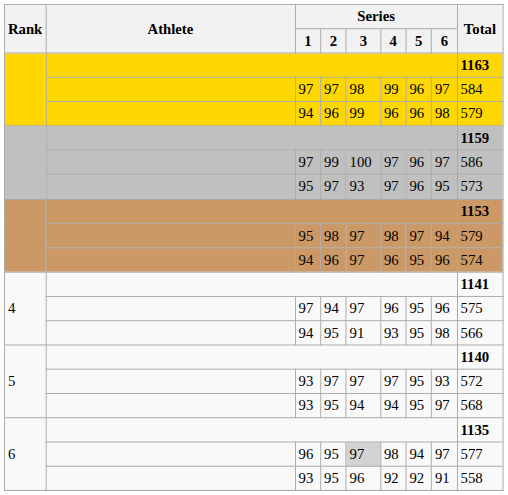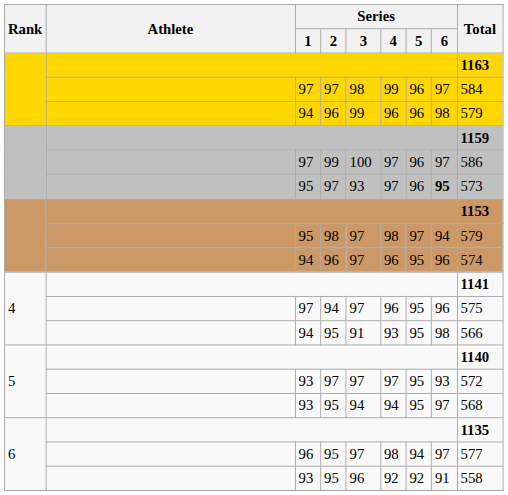 <table class="wikitable" style="font-size:95%" style="width:35em;" style="text-align:center">
 <tr>
 <th rowspan=2>Rank</th>
 <th rowspan=2 width=250>Athlete</th>
 <th colspan=6 width=160>Series</th>
 <th rowspan=2 width=40>Total</th>
 </tr>
 <tr>
 <th>1</th>
 <th>2</th>
 <th>3</th>
 <th>4</th>
 <th>5</th>
 <th>6</th>
 </tr>
 <tr bgcolor=gold>
 <td rowspan=3></td>
 <td colspan=7 align=left></td>
 <td><strong>1163</strong></td>
 </tr>
 <tr bgcolor=gold>
 <td align=left></td>
 <td>97</td>
 <td>97</td>
 <td>98</td>
 <td>99</td>
 <td>96</td>
 <td>97</td>
 <td>584</td>
 </tr>
 <tr bgcolor=gold>
 <td align=left></td>
 <td>94</td>
 <td>96</td>
 <td>99</td>
 <td>96</td>
 <td>96</td>
 <td>98</td>
 <td>579</td>
 </tr>
 <tr bgcolor=silver>
 <td rowspan=3></td>
 <td colspan=7 align=left></td>
 <td><strong>1159</strong></td>
 </tr>
 <tr bgcolor=silver>
 <td align=left></td>
 <td>97</td>
 <td>99</td>
 <td>100</td>
 <td>97</td>
 <td>96</td>
 <td>97</td>
 <td>586</td>
 </tr>
 <tr bgcolor=silver>
 <td align=left></td>
 <td>95</td>
 <td>97</td>
 <td>93</td>
 <td>97</td>
 <td>96</td>
-<td>95</td>
+<td><strong>95</strong></td>
 <td>573</td>
 </tr>
 <tr bgcolor=cc9966>
 <td rowspan=3></td>
 <td colspan=7 align=left></td>
 <td><strong>1153</strong></td>
 </tr>
 <tr bgcolor=cc9966>
 <td align=left></td>
 <td>95</td>
 <td>98</td>
 <td>97</td>
 <td>98</td>
 <td>97</td>
 <td>94</td>
 <td>579</td>
 </tr>
 <tr bgcolor=cc9966>
 <td align=left></td>
 <td>94</td>
 <td>96</td>
 <td>97</td>
 <td>96</td>
 <td>95</td>
 <td>96</td>
 <td>574</td>
 </tr>
 <tr>
 <td rowspan=3>4</td>
 <td colspan=7 align=left></td>
 <td><strong>1141</strong></td>
 </tr>
 <tr>
 <td align=left></td>
 <td>97</td>
 <td>94</td>
 <td>97</td>
 <td>96</td>
 <td>95</td>
 <td>96</td>
 <td>575</td>
 </tr>
 <tr>
 <td align=left></td>
 <td>94</td>
 <td>95</td>
 <td>91</td>
 <td>93</td>
 <td>95</td>
 <td>98</td>
 <td>566</td>
 </tr>
 <tr>
 <td rowspan=3>5</td>
 <td colspan=7 align=left></td>
 <td><strong>1140</strong></td>
 </tr>
 <tr>
 <td align=left></td>
 <td>93</td>
 <td>97</td>
 <td>97</td>
 <td>97</td>
 <td>95</td>
 <td>93</td>
 <td>572</td>
 </tr>
 <tr>
 <td align=left></td>
 <td>93</td>
 <td>95</td>
 <td>94</td>
 <td>94</td>
 <td>95</td>
 <td>97</td>
 <td>568</td>
 </tr>
 <tr>
 <td rowspan=3>6</td>
 <td colspan=7 align=left></td>
 <td><strong>1135</strong></td>
 </tr>
 <tr>
 <td align=left></td>
 <td>96</td>
 <td>95</td>
-<td style="background: lightgrey;">97</td>
+<td>97</td>
 <td>98</td>
 <td>94</td>
 <td>97</td>
 <td>577</td>
 </tr>
 <tr>
 <td align=left></td>
 <td>93</td>
 <td>95</td>
 <td>96</td>
 <td>92</td>
 <td>92</td>
 <td>91</td>
 <td>558</td>
 </tr>
 <tr>
 </tr>
 </table>
